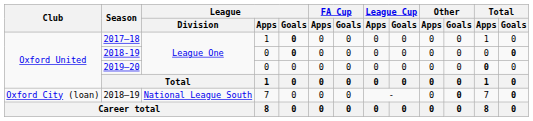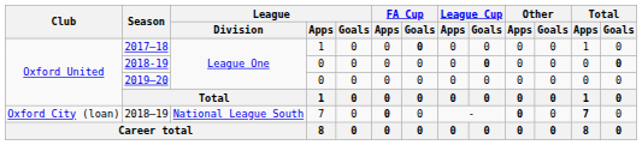 <table class=wikitable style=text-align:center>
 <tr>
 <th rowspan=2>Club</th>
 <th rowspan=2>Season</th>
 <th colspan=3>League</th>
 <th colspan=2><a href='#'>FA Cup</a></th>
 <th colspan=2><a href='#'>League Cup</a></th>
 <th colspan=2>Other</th>
 <th colspan=2>Total</th>
 </tr>
 <tr>
 <th>Division</th>
 <th>Apps</th>
 <th>Goals</th>
 <th>Apps</th>
 <th>Goals</th>
 <th>Apps</th>
 <th>Goals</th>
 <th>Apps</th>
 <th>Goals</th>
 <th>Apps</th>
 <th>Goals</th>
 </tr>
 <tr>
 <td rowspan="4"><a href='#'>Oxford United</a></td>
 <td><a href='#'>2017–18</a></td>
 <td rowspan="3"><a href='#'>League One</a></td>
 <td>1</td>
-<td><strong>0</strong></td>
 <td>0</td>
 <td>0</td>
+<td><strong>0</strong></td>
 <td>0</td>
 <td>0</td>
 <td>0</td>
 <td>0</td>
 <td>1</td>
 <td>0</td>
 </tr>
 <tr>
 <td><a href='#'>2018-19</a></td>
 <td>0</td>
-<td><strong>0</strong></td>
 <td>0</td>
 <td>0</td>
 <td>0</td>
 <td>0</td>
+<td><strong>0</strong></td>
 <td>0</td>
 <td>0</td>
 <td>0</td>
 <td><strong>0</strong></td>
 </tr>
 <tr>
 <td><a href='#'>2019–20</a></td>
 <td>0</td>
 <td>0</td>
 <td>0</td>
 <td>0</td>
 <td>0</td>
 <td>0</td>
 <td>0</td>
 <td>0</td>
-<td><strong>0</strong></td>
+<td>0</td>
 <td>0</td>
 </tr>
 <tr>
 <th colspan=2>Total</th>
 <th>1</th>
 <th>0</th>
 <th>0</th>
 <th>0</th>
 <th>0</th>
 <th>0</th>
 <th>0</th>
 <th>0</th>
 <th>1</th>
 <th>0</th>
 </tr>
 <tr>
 <td><a href='#'>Oxford City</a>  (loan)</td>
 <td>2018–19</td>
 <td><a href='#'>National League South</a></td>
 <td>7</td>
 <td>0</td>
-<td>0</td>
+<td><strong>0</strong></td>
 <td>0</td>
 <td colspan=2>-</td>
+<td><strong>0</strong></td>
 <td>0</td>
-<td><strong>0</strong></td>
-<td>7</td>
-<td><strong>0</strong></td>
+<td><strong>7</strong></td>
+<td>0</td>
 </tr>
 <tr>
 <th colspan=3>Career total</th>
 <th>8</th>
 <th>0</th>
 <th>0</th>
 <th>0</th>
 <th>0</th>
 <th>0</th>
 <th>0</th>
 <th>0</th>
 <th>8</th>
 <th>0</th>
 </tr>
 </table>
